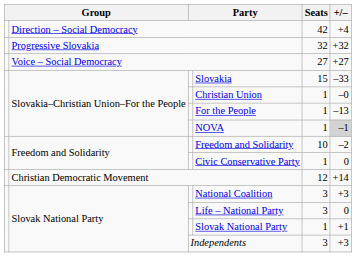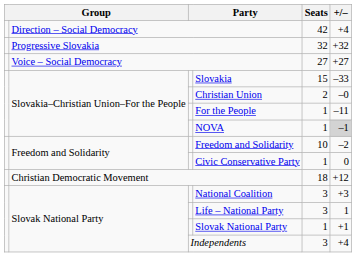 <table class="wikitable">
 <tr>
 <th colspan="2">Group</th>
 <th colspan="2">Party</th>
 <th>Seats</th>
 <th>+/–</th>
 </tr>
 <tr>
 <td style="background: "></td>
 <td colspan="3"><a href='#'>Direction – Social Democracy</a></td>
 <td align=right>42</td>
 <td align=right>+4</td>
 </tr>
 <tr>
 <td style="background: "></td>
 <td colspan="3"><a href='#'>Progressive Slovakia</a></td>
 <td align=right>32</td>
 <td align=right>+32</td>
 </tr>
 <tr>
 <td style="background: "></td>
 <td colspan="3"><a href='#'>Voice – Social Democracy</a></td>
 <td align=right>27</td>
 <td align=right>+27</td>
 </tr>
 <tr>
 <td rowspan="4" style="background: "></td>
 <td rowspan="4">Slovakia–Christian Union–For the People</td>
 <td style="background: "></td>
 <td><a href='#'>Slovakia</a></td>
 <td align=right>15</td>
 <td align=right>–33</td>
 </tr>
 <tr>
 <td style="background: "></td>
 <td><a href='#'>Christian Union</a></td>
-<td align=right>1</td>
+<td align=right>2</td>
 <td align=right>–0</td>
 </tr>
 <tr>
 <td style="background: "></td>
 <td><a href='#'>For the People</a></td>
 <td align=right>1</td>
-<td align=right>–13</td>
+<td align=right>–11</td>
 </tr>
 <tr>
 <td style="background: "></td>
 <td><a href='#'>NOVA</a></td>
 <td align=right>1</td>
 <td align=right style="background: lightgrey;">–1</td>
 </tr>
 <tr>
 <td rowspan="2" style="background: "></td>
 <td rowspan="2">Freedom and Solidarity</td>
 <td style="background: "></td>
 <td><a href='#'>Freedom and Solidarity</a></td>
 <td align=right>10</td>
 <td align=right>–2</td>
 </tr>
 <tr>
 <td style="background: "></td>
 <td><a href='#'>Civic Conservative Party</a></td>
 <td align=right>1</td>
 <td align=right>0</td>
 </tr>
 <tr>
 <td style="background: "></td>
 <td colspan="3">Christian Democratic Movement</td>
-<td align=right>12</td>
-<td align=right>+14</td>
+<td align=right>18</td>
+<td align=right>+12</td>
 </tr>
 <tr>
 <td rowspan="4" style="background: "></td>
 <td rowspan="4">Slovak National Party</td>
 <td style="background: "></td>
 <td><a href='#'>National Coalition</a></td>
 <td align=right>3</td>
 <td align=right>+3</td>
 </tr>
 <tr>
 <td style="background: "></td>
 <td><a href='#'>Life – National Party</a></td>
 <td align=right>3</td>
-<td align=right>0</td>
+<td align=right>1</td>
 </tr>
 <tr>
 <td style="background: "></td>
 <td><a href='#'>Slovak National Party</a></td>
 <td align=right>1</td>
 <td align=right>+1</td>
 </tr>
 <tr>
 <td colspan="2"><em>Independents</em></td>
 <td align=right>3</td>
-<td align=right>+3</td>
+<td align=right>+4</td>
 </tr>
 </table>
